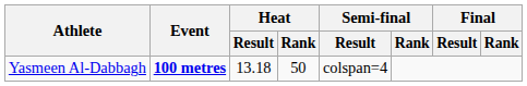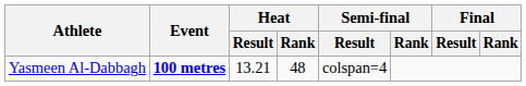 <table class="wikitable" style="font-size:90%">
 <tr>
 <th rowspan="2">Athlete</th>
 <th rowspan="2">Event</th>
 <th colspan="2">Heat</th>
 <th colspan="2">Semi-final</th>
 <th colspan="2">Final</th>
 </tr>
 <tr style="font-size:95%">
 <th>Result</th>
 <th>Rank</th>
 <th>Result</th>
 <th>Rank</th>
 <th>Result</th>
 <th>Rank</th>
 </tr>
 <tr style=text-align:center>
 <td style=text-align:left><a href='#'>Yasmeen Al-Dabbagh</a></td>
 <td style=text-align:left><strong><a href='#'>100 metres</a></strong></td>
-<td>13.18</td>
-<td>50</td>
+<td>13.21</td>
+<td>48</td>
 <td>colspan=4 </td>
 </tr>
 </table>
